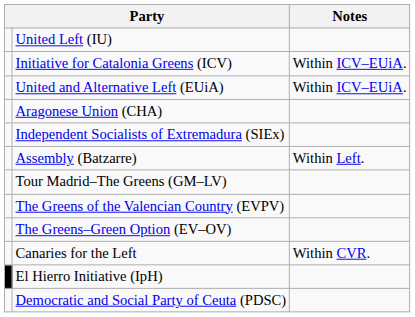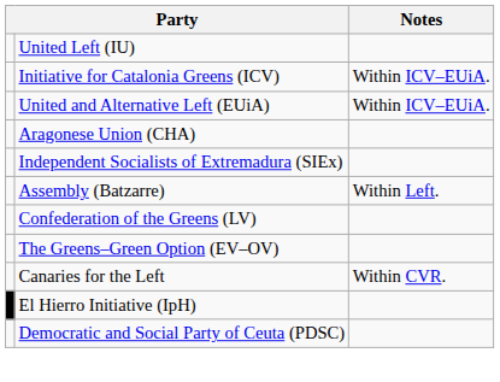 <table class="wikitable" style="text-align:left; font-size:97%;">
 <tr>
 <th colspan="2">Party</th>
 <th>Notes</th>
 </tr>
 <tr>
 <td width="1"></td>
 <td><a href='#'>United Left</a> (IU)</td>
 <td></td>
 </tr>
 <tr>
 <td></td>
 <td><a href='#'>Initiative for Catalonia Greens</a> (ICV)</td>
 <td>Within <a href='#'>ICV–EUiA</a>.</td>
 </tr>
 <tr>
 <td></td>
 <td><a href='#'>United and Alternative Left</a> (EUiA)</td>
 <td>Within <a href='#'>ICV–EUiA</a>.</td>
 </tr>
 <tr>
 <td></td>
 <td><a href='#'>Aragonese Union</a> (CHA)</td>
 <td></td>
 </tr>
 <tr>
 <td></td>
 <td><a href='#'>Independent Socialists of Extremadura</a> (SIEx)</td>
 <td></td>
 </tr>
 <tr>
 <td></td>
 <td><a href='#'>Assembly</a> (Batzarre)</td>
 <td>Within <a href='#'>Left</a>.</td>
 </tr>
 <tr>
 <td></td>
-<td>Tour Madrid–The Greens (GM–LV)</td>
-<td></td>
-</tr>
-<tr>
-<td></td>
-<td><a href='#'>The Greens of the Valencian Country</a> (EVPV)</td>
+<td><a href='#'>Confederation of the Greens</a> (LV)</td>
 <td></td>
 </tr>
 <tr>
 <td></td>
 <td><a href='#'>The Greens–Green Option</a> (EV–OV)</td>
 <td></td>
 </tr>
 <tr>
 <td></td>
 <td>Canaries for the Left</td>
 <td>Within <a href='#'>CVR</a>.</td>
 </tr>
 <tr>
 <td bgcolor="black"></td>
 <td>El Hierro Initiative (IpH)</td>
 <td></td>
 </tr>
 <tr>
 <td></td>
 <td><a href='#'>Democratic and Social Party of Ceuta</a> (PDSC)</td>
 <td></td>
 </tr>
 </table>
